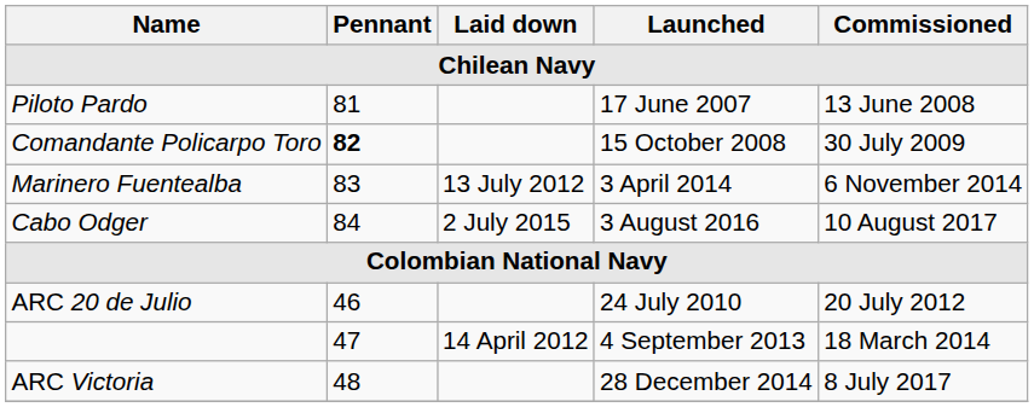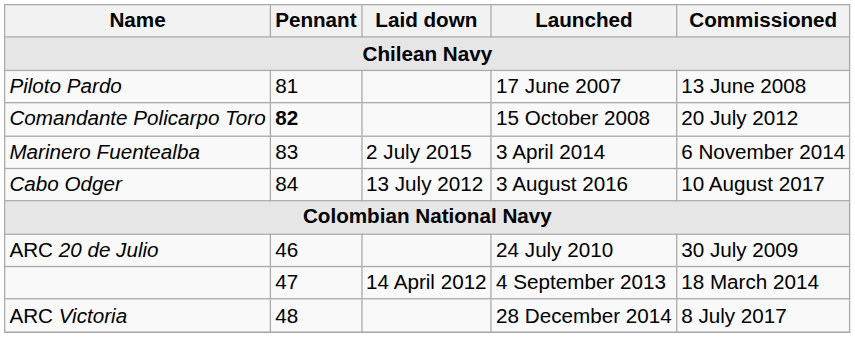 <table class="wikitable">
 <tr>
 <th>Name</th>
 <th>Pennant</th>
 <th>Laid down</th>
 <th>Launched</th>
 <th>Commissioned</th>
 </tr>
 <tr>
 <th style="align: center; background: #E6E6E6;" colspan="5">Chilean Navy</th>
 </tr>
 <tr>
 <td><em>Piloto Pardo</em></td>
 <td>81</td>
 <td></td>
 <td>17 June 2007</td>
 <td>13 June 2008</td>
 </tr>
 <tr>
 <td><em>Comandante Policarpo Toro</em></td>
 <td><strong>82</strong></td>
 <td></td>
 <td>15 October 2008</td>
-<td>30 July 2009</td>
+<td>20 July 2012</td>
 </tr>
 <tr>
 <td><em>Marinero Fuentealba</em></td>
 <td>83</td>
-<td>13 July 2012</td>
+<td>2 July 2015</td>
 <td>3 April 2014</td>
 <td>6 November 2014</td>
 </tr>
 <tr>
 <td><em>Cabo Odger</em></td>
 <td>84</td>
-<td>2 July 2015</td>
+<td>13 July 2012</td>
 <td>3 August 2016</td>
 <td>10 August 2017</td>
 </tr>
 <tr>
 <th style="align: center; background: #E6E6E6;" colspan="5">Colombian National Navy</th>
 </tr>
 <tr>
 <td>ARC <em>20 de Julio</em></td>
 <td>46</td>
 <td></td>
 <td>24 July 2010</td>
-<td>20 July 2012</td>
+<td>30 July 2009</td>
 </tr>
 <tr>
 <td></td>
 <td>47</td>
 <td>14 April 2012</td>
 <td>4 September 2013</td>
 <td>18 March 2014</td>
 </tr>
 <tr>
 <td>ARC <em>Victoria</em></td>
 <td>48</td>
 <td></td>
 <td>28 December 2014</td>
 <td>8 July 2017</td>
 </tr>
 <tr>
 </tr>
 </table>
